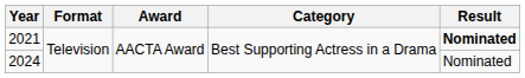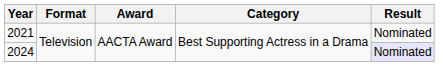 <table class="wikitable">
 <tr>
 <th>Year</th>
 <th>Format</th>
 <th>Award</th>
 <th>Category</th>
 <th>Result</th>
 </tr>
 <tr>
 <td>2021</td>
 <td rowspan="2">Television</td>
 <td rowspan="2">AACTA Award</td>
 <td rowspan="2">Best Supporting Actress in a Drama</td>
-<td><strong>Nominated </strong></td>
+<td>Nominated </td>
 </tr>
 <tr>
 <td>2024</td>
-<td>Nominated </td>
+<td style="background: lavender;">Nominated </td>
 </tr>
 </table>
